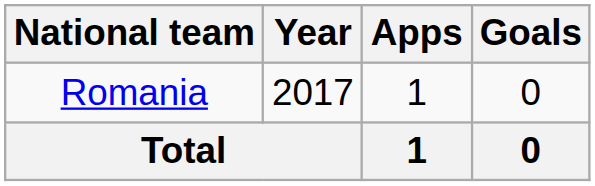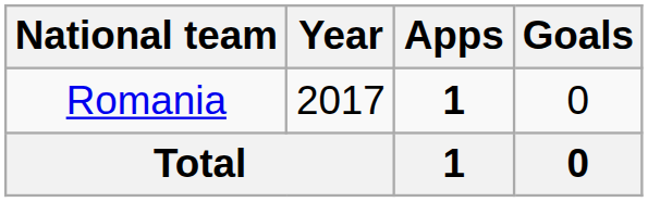 <table class="wikitable" style="text-align:center">
 <tr>
 <th>National team</th>
 <th>Year</th>
 <th>Apps</th>
 <th>Goals</th>
 </tr>
 <tr>
 <td rowspan="1"><a href='#'>Romania</a></td>
 <td>2017</td>
-<td>1</td>
+<td><strong>1</strong></td>
 <td>0</td>
 </tr>
 <tr>
 <th colspan=2>Total</th>
 <th>1</th>
 <th>0</th>
 </tr>
 </table>
